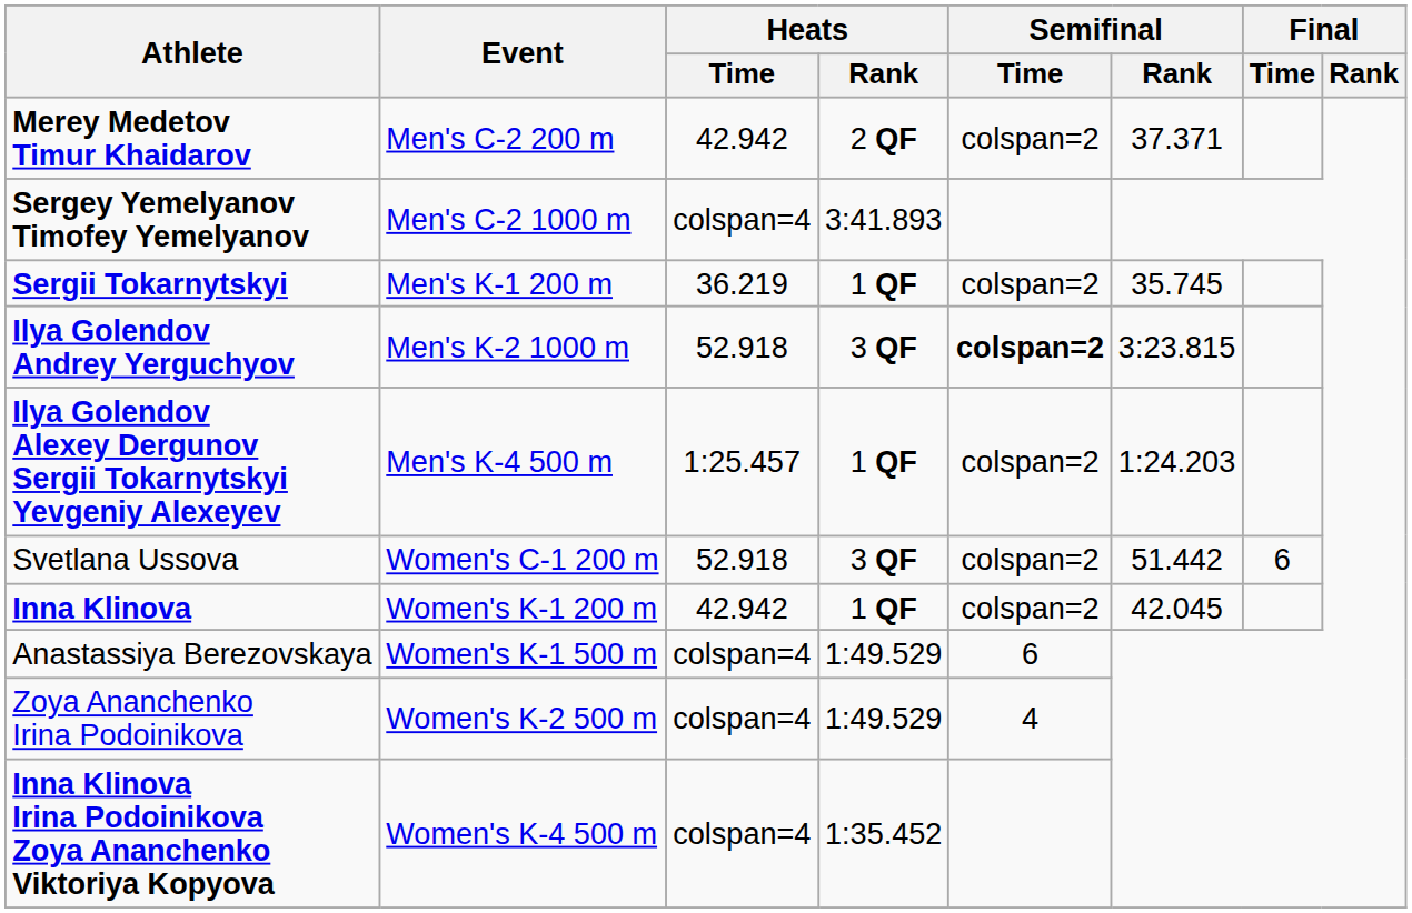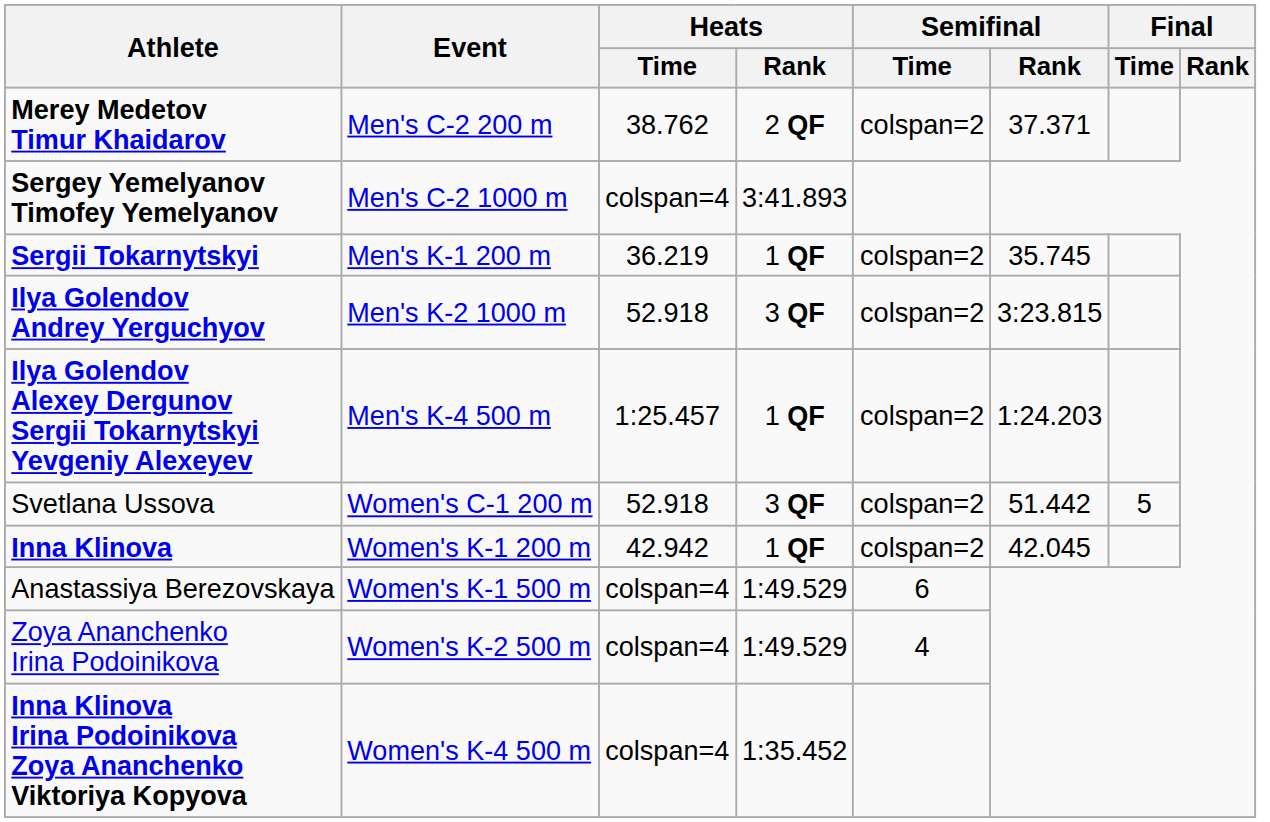 <table class=wikitable style=font-size:90%;text-align:center>
 <tr>
 <th rowspan=2>Athlete</th>
 <th rowspan=2>Event</th>
 <th colspan=2>Heats</th>
 <th colspan=2>Semifinal</th>
 <th colspan=2>Final</th>
 </tr>
 <tr style="font-size:95%">
 <th>Time</th>
 <th>Rank</th>
 <th>Time</th>
 <th>Rank</th>
 <th>Time</th>
 <th>Rank</th>
 </tr>
 <tr>
 <td align=left><strong>Merey Medetov<br><a href='#'>Timur Khaidarov</a></strong></td>
 <td align=left><a href='#'>Men's C-2 200 m</a></td>
-<td>42.942</td>
+<td>38.762</td>
 <td>2 <strong>QF</strong></td>
 <td>colspan=2 </td>
 <td>37.371</td>
 <td></td>
 </tr>
 <tr>
 <td align=left><strong>Sergey Yemelyanov<br>Timofey Yemelyanov</strong></td>
 <td align=left><a href='#'>Men's C-2 1000 m</a></td>
 <td>colspan=4 </td>
 <td>3:41.893</td>
 <td></td>
 </tr>
 <tr>
 <td align=left><strong><a href='#'>Sergii Tokarnytskyi</a></strong></td>
 <td align=left><a href='#'>Men's K-1 200 m</a></td>
 <td>36.219</td>
 <td>1 <strong>QF</strong></td>
 <td>colspan=2 </td>
 <td>35.745</td>
 <td></td>
 </tr>
 <tr>
 <td align=left><strong><a href='#'>Ilya Golendov</a><br><a href='#'>Andrey Yerguchyov</a></strong></td>
 <td align=left><a href='#'>Men's K-2 1000 m</a></td>
 <td>52.918</td>
 <td>3 <strong>QF</strong></td>
-<td><strong>colspan=2 </strong></td>
+<td>colspan=2 </td>
 <td>3:23.815</td>
 <td></td>
 </tr>
 <tr>
 <td align=left><strong><a href='#'>Ilya Golendov</a><br><a href='#'>Alexey Dergunov</a><br><a href='#'>Sergii Tokarnytskyi</a><br><a href='#'>Yevgeniy Alexeyev</a></strong></td>
 <td align=left><a href='#'>Men's K-4 500 m</a></td>
 <td>1:25.457</td>
 <td>1 <strong>QF</strong></td>
 <td>colspan=2 </td>
 <td>1:24.203</td>
 <td></td>
 </tr>
 <tr>
 <td align=left>Svetlana Ussova</td>
 <td align=left><a href='#'>Women's C-1 200 m</a></td>
 <td>52.918</td>
 <td>3 <strong>QF</strong></td>
 <td>colspan=2 </td>
 <td>51.442</td>
-<td>6</td>
+<td>5</td>
 </tr>
 <tr>
 <td align=left><strong><a href='#'>Inna Klinova</a></strong></td>
 <td align=left><a href='#'>Women's K-1 200 m</a></td>
 <td>42.942</td>
 <td>1 <strong>QF</strong></td>
 <td>colspan=2 </td>
 <td>42.045</td>
 <td></td>
 </tr>
 <tr>
 <td align=left>Anastassiya Berezovskaya</td>
 <td align=left><a href='#'>Women's K-1 500 m</a></td>
 <td>colspan=4 </td>
 <td>1:49.529</td>
 <td>6</td>
 </tr>
 <tr>
 <td align=left><a href='#'>Zoya Ananchenko</a><br><a href='#'>Irina Podoinikova</a></td>
 <td align=left><a href='#'>Women's K-2 500 m</a></td>
 <td>colspan=4 </td>
 <td>1:49.529</td>
 <td>4</td>
 </tr>
 <tr>
 <td align=left><strong><a href='#'>Inna Klinova</a><br><a href='#'>Irina Podoinikova</a><br><a href='#'>Zoya Ananchenko</a><br>Viktoriya Kopyova</strong></td>
 <td align=left><a href='#'>Women's K-4 500 m</a></td>
 <td>colspan=4 </td>
 <td>1:35.452</td>
 <td></td>
 </tr>
 </table>
